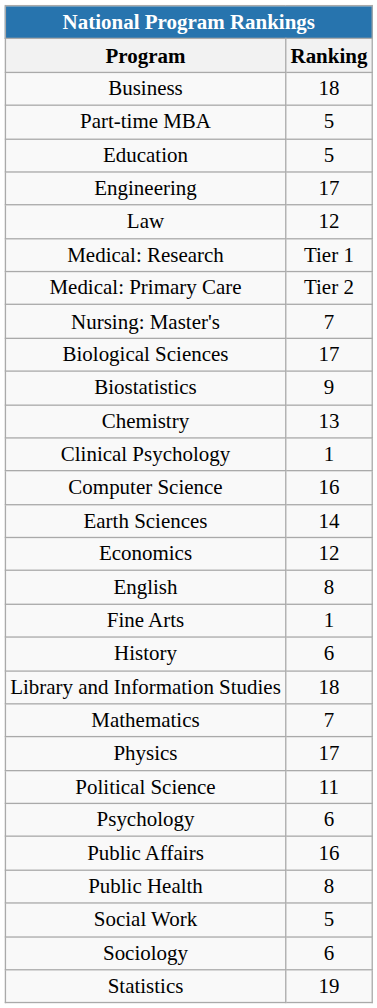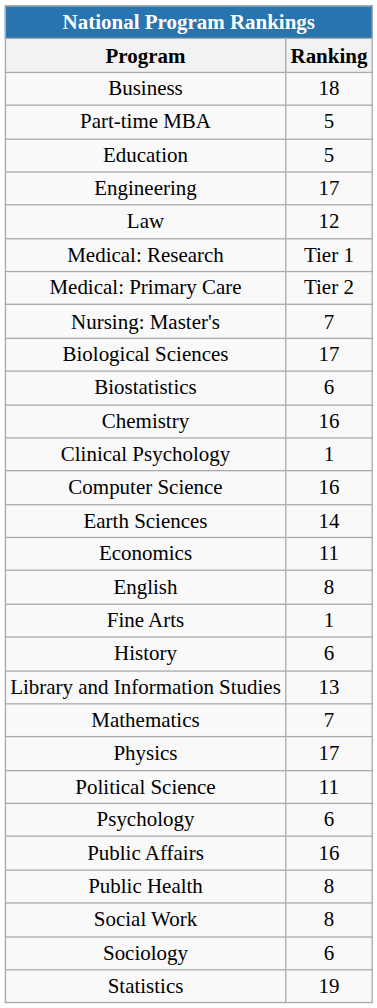 <table class="wikitable sortable collapsible collapsed" style="float:right; text-align:center">
 <tr>
 <th colspan=4 style="background:#2774AE; color:#FFFFFF; ">National Program Rankings</th>
 </tr>
 <tr>
 <th>Program</th>
 <th>Ranking</th>
 </tr>
 <tr>
 <td>Business</td>
 <td>18</td>
 </tr>
 <tr>
 <td>Part-time MBA</td>
 <td>5</td>
 </tr>
 <tr>
 <td>Education</td>
 <td>5</td>
 </tr>
 <tr>
 <td>Engineering</td>
 <td>17</td>
 </tr>
 <tr>
 <td>Law</td>
 <td>12</td>
 </tr>
 <tr>
 <td>Medical: Research</td>
 <td>Tier 1</td>
 </tr>
 <tr>
 <td>Medical: Primary Care</td>
 <td>Tier 2</td>
 </tr>
 <tr>
 <td>Nursing: Master's</td>
 <td>7</td>
 </tr>
 <tr>
 <td>Biological Sciences</td>
 <td>17</td>
 </tr>
 <tr>
 <td>Biostatistics</td>
-<td>9</td>
+<td>6</td>
 </tr>
 <tr>
 <td>Chemistry</td>
-<td>13</td>
+<td>16</td>
 </tr>
 <tr>
 <td>Clinical Psychology</td>
 <td>1</td>
 </tr>
 <tr>
 <td>Computer Science</td>
 <td>16</td>
 </tr>
 <tr>
 <td>Earth Sciences</td>
 <td>14</td>
 </tr>
 <tr>
 <td>Economics</td>
-<td>12</td>
+<td>11</td>
 </tr>
 <tr>
 <td>English</td>
 <td>8</td>
 </tr>
 <tr>
 <td>Fine Arts</td>
 <td>1</td>
 </tr>
 <tr>
 <td>History</td>
 <td>6</td>
 </tr>
 <tr>
 <td>Library and Information Studies</td>
-<td>18</td>
+<td>13</td>
 </tr>
 <tr>
 <td>Mathematics</td>
 <td>7</td>
 </tr>
 <tr>
 <td>Physics</td>
 <td>17</td>
 </tr>
 <tr>
 <td>Political Science</td>
 <td>11</td>
 </tr>
 <tr>
 <td>Psychology</td>
 <td>6</td>
 </tr>
 <tr>
 <td>Public Affairs</td>
 <td>16</td>
 </tr>
 <tr>
 <td>Public Health</td>
 <td>8</td>
 </tr>
 <tr>
 <td>Social Work</td>
-<td>5</td>
+<td>8</td>
 </tr>
 <tr>
 <td>Sociology</td>
 <td>6</td>
 </tr>
 <tr>
 <td>Statistics</td>
 <td>19</td>
 </tr>
 </table>
